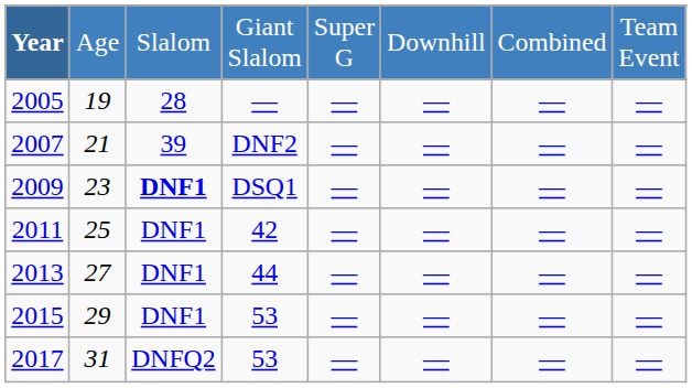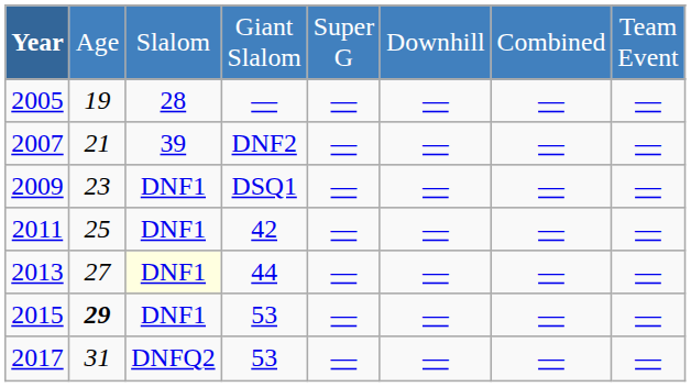 <table class="wikitable" style="font-size:95%; text-align:center; border:grey solid 1px; border-collapse:collapse;" width="50%">
 <tr style="background-color:#369; color:white;">
 <td rowspan="2" colspan="1" width="5%"><strong>Year</strong></td>
 </tr>
 <tr style="background-color:#4180be; color:white;">
 <td width="5%">Age</td>
 <td width="5%">Slalom</td>
 <td width="5%">Giant<br>Slalom</td>
 <td width="5%">Super G</td>
 <td width="5%">Downhill</td>
 <td width="5%">Combined</td>
 <td width="5%">Team Event</td>
 </tr>
 <tr style="background-color:#8CB2D8; color:white;">
 </tr>
 <tr>
 <td><a href='#'>2005</a></td>
 <td><em>19</em></td>
 <td><a href='#'>28</a></td>
 <td><a href='#'>—</a></td>
 <td><a href='#'>—</a></td>
 <td><a href='#'>—</a></td>
 <td><a href='#'>—</a></td>
 <td><a href='#'>—</a></td>
 </tr>
 <tr>
 <td><a href='#'>2007</a></td>
 <td><em>21</em></td>
 <td><a href='#'>39</a></td>
 <td><a href='#'>DNF2</a></td>
 <td><a href='#'>—</a></td>
 <td><a href='#'>—</a></td>
 <td><a href='#'>—</a></td>
 <td><a href='#'>—</a></td>
 </tr>
 <tr>
 <td><a href='#'>2009</a></td>
 <td><em>23</em></td>
-<td><strong><a href='#'>DNF1</a></strong></td>
+<td><a href='#'>DNF1</a></td>
 <td><a href='#'>DSQ1</a></td>
 <td><a href='#'>—</a></td>
 <td><a href='#'>—</a></td>
 <td><a href='#'>—</a></td>
 <td><a href='#'>—</a></td>
 </tr>
 <tr>
 <td><a href='#'>2011</a></td>
 <td><em>25</em></td>
 <td><a href='#'>DNF1</a></td>
 <td><a href='#'>42</a></td>
 <td><a href='#'>—</a></td>
 <td><a href='#'>—</a></td>
 <td><a href='#'>—</a></td>
 <td><a href='#'>—</a></td>
 </tr>
 <tr>
 <td><a href='#'>2013</a></td>
 <td><em>27</em></td>
-<td><a href='#'>DNF1</a></td>
+<td style="background: lightyellow;"><a href='#'>DNF1</a></td>
 <td><a href='#'>44</a></td>
 <td><a href='#'>—</a></td>
 <td><a href='#'>—</a></td>
 <td><a href='#'>—</a></td>
 <td><a href='#'>—</a></td>
 </tr>
 <tr>
 <td><a href='#'>2015</a></td>
-<td><em>29</em></td>
+<td><strong><em>29</em></strong></td>
 <td><a href='#'>DNF1</a></td>
 <td><a href='#'>53</a></td>
 <td><a href='#'>—</a></td>
 <td><a href='#'>—</a></td>
 <td><a href='#'>—</a></td>
 <td><a href='#'>—</a></td>
 </tr>
 <tr>
 <td><a href='#'>2017</a></td>
 <td><em>31</em></td>
 <td><a href='#'>DNFQ2</a></td>
 <td><a href='#'>53</a></td>
 <td><a href='#'>—</a></td>
 <td><a href='#'>—</a></td>
 <td><a href='#'>—</a></td>
 <td><a href='#'>—</a></td>
 </tr>
 </table>
